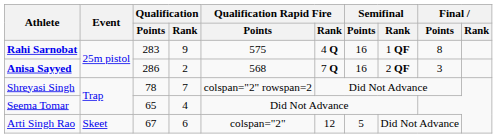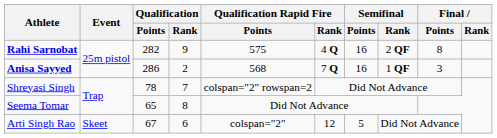 <table class=wikitable style="text-align:center; font-size:90%">
 <tr>
 <th rowspan=2>Athlete</th>
 <th rowspan=2>Event</th>
 <th colspan=2>Qualification</th>
 <th colspan=2>Qualification Rapid Fire</th>
 <th colspan=2>Semifinal</th>
 <th colspan=2>Final / </th>
 </tr>
 <tr style="font-size:95%">
 <th>Points</th>
 <th>Rank</th>
 <th>Points</th>
 <th>Rank</th>
 <th>Points</th>
 <th>Rank</th>
 <th>Points</th>
 <th>Rank</th>
 </tr>
 <tr>
 <td align=left><strong><a href='#'>Rahi Sarnobat</a></strong></td>
 <td align=left rowspan=2><a href='#'>25m pistol</a></td>
-<td>283</td>
+<td>282</td>
 <td>9</td>
 <td>575</td>
 <td>4 <strong>Q</strong></td>
 <td>16</td>
-<td>1 <strong>QF</strong></td>
+<td>2 <strong>QF</strong></td>
 <td>8</td>
 <td></td>
 </tr>
 <tr>
 <td align=left><strong><a href='#'>Anisa Sayyed</a></strong></td>
 <td>286</td>
 <td>2</td>
 <td>568</td>
 <td>7 <strong>Q</strong></td>
 <td>16</td>
-<td>2 <strong>QF</strong></td>
+<td>1 <strong>QF</strong></td>
 <td>3</td>
 <td></td>
 </tr>
 <tr>
 <td align=left><a href='#'>Shreyasi Singh</a></td>
 <td align=left rowspan=2><a href='#'>Trap</a></td>
 <td>78</td>
 <td>7</td>
 <td>colspan="2" rowspan=2 </td>
 <td colspan="4">Did Not Advance</td>
 </tr>
 <tr>
 <td align=left><a href='#'>Seema Tomar</a></td>
 <td>65</td>
-<td>4</td>
+<td>8</td>
 <td colspan="4">Did Not Advance</td>
 </tr>
 <tr>
 <td align=left><a href='#'>Arti Singh Rao</a></td>
 <td align=left><a href='#'>Skeet</a></td>
 <td>67</td>
 <td>6</td>
 <td>colspan="2" </td>
 <td>12</td>
 <td>5</td>
 <td colspan="2">Did Not Advance</td>
 </tr>
 </table>
